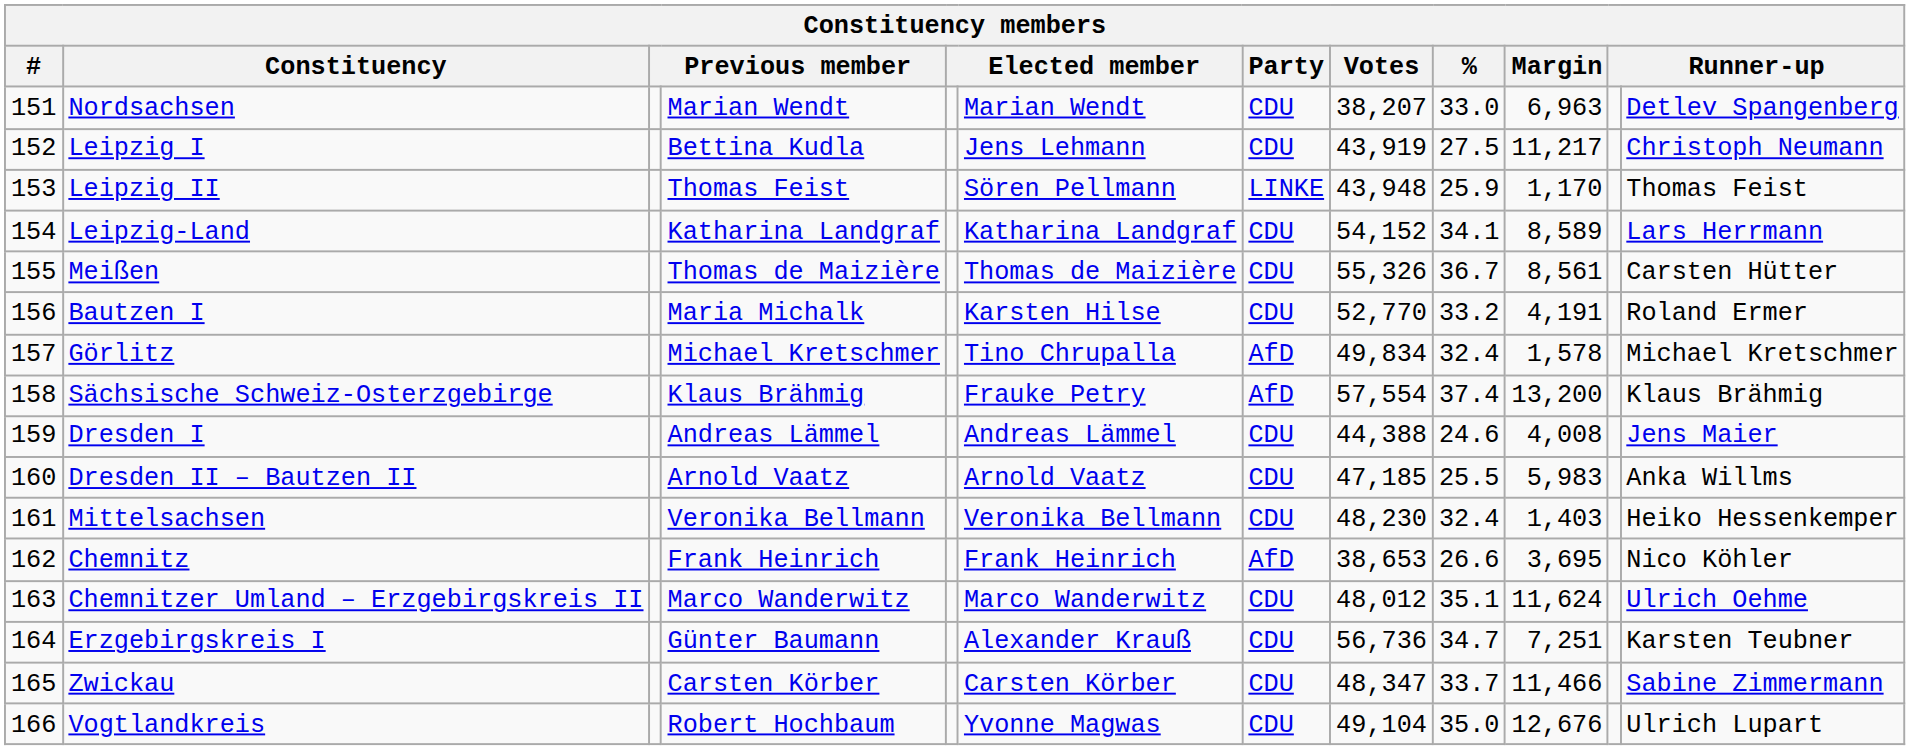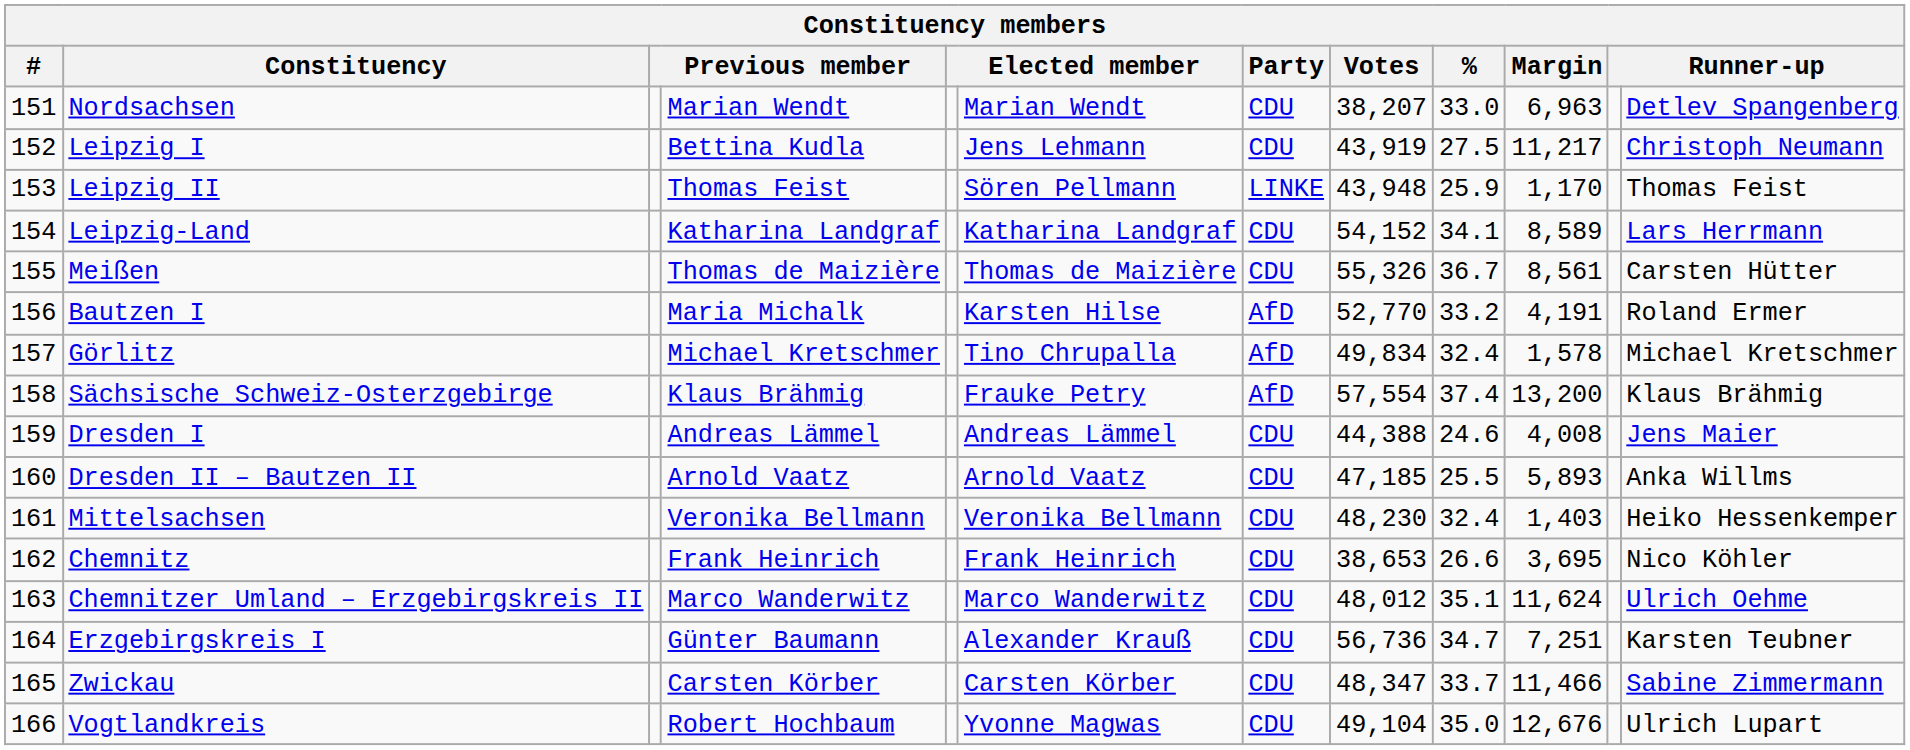 <table class="wikitable sortable" style="text-align:right">
 <tr>
 <th colspan="12">Constituency members</th>
 </tr>
 <tr>
 <th>#</th>
 <th>Constituency</th>
 <th colspan="2">Previous member</th>
 <th colspan="2">Elected member</th>
 <th>Party</th>
 <th>Votes</th>
 <th>%</th>
 <th>Margin</th>
 <th colspan="2">Runner-up</th>
 </tr>
 <tr>
 <td>151</td>
 <td align=left><a href='#'>Nordsachsen</a></td>
 <td bgcolor=></td>
 <td align=left><a href='#'>Marian Wendt</a></td>
 <td bgcolor=></td>
 <td align=left><a href='#'>Marian Wendt</a></td>
 <td align=left><a href='#'>CDU</a></td>
 <td>38,207</td>
 <td>33.0</td>
 <td>6,963</td>
 <td bgcolor=></td>
 <td align=left><a href='#'>Detlev Spangenberg</a></td>
 </tr>
 <tr>
 <td>152</td>
 <td align=left><a href='#'>Leipzig I</a></td>
 <td bgcolor=></td>
 <td align=left><a href='#'>Bettina Kudla</a></td>
 <td bgcolor=></td>
 <td align=left><a href='#'>Jens Lehmann</a></td>
 <td align=left><a href='#'>CDU</a></td>
 <td>43,919</td>
 <td>27.5</td>
 <td>11,217</td>
 <td bgcolor=></td>
 <td align=left><a href='#'>Christoph Neumann</a></td>
 </tr>
 <tr>
 <td>153</td>
 <td align=left><a href='#'>Leipzig II</a></td>
 <td bgcolor=></td>
 <td align=left><a href='#'>Thomas Feist</a></td>
 <td bgcolor=></td>
 <td align=left><a href='#'>Sören Pellmann</a></td>
 <td align=left><a href='#'>LINKE</a></td>
 <td>43,948</td>
 <td>25.9</td>
 <td>1,170</td>
 <td bgcolor=></td>
 <td align=left>Thomas Feist</td>
 </tr>
 <tr>
 <td>154</td>
 <td align=left><a href='#'>Leipzig-Land</a></td>
 <td bgcolor=></td>
 <td align=left><a href='#'>Katharina Landgraf</a></td>
 <td bgcolor=></td>
 <td align=left><a href='#'>Katharina Landgraf</a></td>
 <td align=left><a href='#'>CDU</a></td>
 <td>54,152</td>
 <td>34.1</td>
 <td>8,589</td>
 <td bgcolor=></td>
 <td align=left><a href='#'>Lars Herrmann</a></td>
 </tr>
 <tr>
 <td>155</td>
 <td align=left><a href='#'>Meißen</a></td>
 <td bgcolor=></td>
 <td align=left><a href='#'>Thomas de Maizière</a></td>
 <td bgcolor=></td>
 <td align=left><a href='#'>Thomas de Maizière</a></td>
 <td align=left><a href='#'>CDU</a></td>
 <td>55,326</td>
 <td>36.7</td>
 <td>8,561</td>
 <td bgcolor=></td>
 <td align=left>Carsten Hütter</td>
 </tr>
 <tr>
 <td>156</td>
 <td align=left><a href='#'>Bautzen I</a></td>
 <td bgcolor=></td>
 <td align=left><a href='#'>Maria Michalk</a></td>
 <td bgcolor=></td>
 <td align=left><a href='#'>Karsten Hilse</a></td>
-<td align=left><a href='#'>CDU</a></td>
+<td align=left><a href='#'>AfD</a></td>
 <td>52,770</td>
 <td>33.2</td>
 <td>4,191</td>
 <td bgcolor=></td>
 <td align=left>Roland Ermer</td>
 </tr>
 <tr>
 <td>157</td>
 <td align=left><a href='#'>Görlitz</a></td>
 <td bgcolor=></td>
 <td align=left><a href='#'>Michael Kretschmer</a></td>
 <td bgcolor=></td>
 <td align=left><a href='#'>Tino Chrupalla</a></td>
 <td align=left><a href='#'>AfD</a></td>
 <td>49,834</td>
 <td>32.4</td>
 <td>1,578</td>
 <td bgcolor=></td>
 <td align=left>Michael Kretschmer</td>
 </tr>
 <tr>
 <td>158</td>
 <td align=left><a href='#'>Sächsische Schweiz-Osterzgebirge</a></td>
 <td bgcolor=></td>
 <td align=left><a href='#'>Klaus Brähmig</a></td>
 <td bgcolor=></td>
 <td align=left><a href='#'>Frauke Petry</a></td>
 <td align=left><a href='#'>AfD</a></td>
 <td>57,554</td>
 <td>37.4</td>
 <td>13,200</td>
 <td bgcolor=></td>
 <td align=left>Klaus Brähmig</td>
 </tr>
 <tr>
 <td>159</td>
 <td align=left><a href='#'>Dresden I</a></td>
 <td bgcolor=></td>
 <td align=left><a href='#'>Andreas Lämmel</a></td>
 <td bgcolor=></td>
 <td align=left><a href='#'>Andreas Lämmel</a></td>
 <td align=left><a href='#'>CDU</a></td>
 <td>44,388</td>
 <td>24.6</td>
 <td>4,008</td>
 <td bgcolor=></td>
 <td align=left><a href='#'>Jens Maier</a></td>
 </tr>
 <tr>
 <td>160</td>
 <td align=left><a href='#'>Dresden II – Bautzen II</a></td>
 <td bgcolor=></td>
 <td align=left><a href='#'>Arnold Vaatz</a></td>
 <td bgcolor=></td>
 <td align=left><a href='#'>Arnold Vaatz</a></td>
 <td align=left><a href='#'>CDU</a></td>
 <td>47,185</td>
 <td>25.5</td>
-<td>5,983</td>
+<td>5,893</td>
 <td bgcolor=></td>
 <td align=left>Anka Willms</td>
 </tr>
 <tr>
 <td>161</td>
 <td align=left><a href='#'>Mittelsachsen</a></td>
 <td bgcolor=></td>
 <td align=left><a href='#'>Veronika Bellmann</a></td>
 <td bgcolor=></td>
 <td align=left><a href='#'>Veronika Bellmann</a></td>
 <td align=left><a href='#'>CDU</a></td>
 <td>48,230</td>
 <td>32.4</td>
 <td>1,403</td>
 <td bgcolor=></td>
 <td align=left>Heiko Hessenkemper</td>
 </tr>
 <tr>
 <td>162</td>
 <td align=left><a href='#'>Chemnitz</a></td>
 <td bgcolor=></td>
 <td align=left><a href='#'>Frank Heinrich</a></td>
 <td bgcolor=></td>
 <td align=left><a href='#'>Frank Heinrich</a></td>
-<td align=left><a href='#'>AfD</a></td>
+<td align=left><a href='#'>CDU</a></td>
 <td>38,653</td>
 <td>26.6</td>
 <td>3,695</td>
 <td bgcolor=></td>
 <td align=left>Nico Köhler</td>
 </tr>
 <tr>
 <td>163</td>
 <td align=left><a href='#'>Chemnitzer Umland – Erzgebirgskreis II</a></td>
 <td bgcolor=></td>
 <td align=left><a href='#'>Marco Wanderwitz</a></td>
 <td bgcolor=></td>
 <td align=left><a href='#'>Marco Wanderwitz</a></td>
 <td align=left><a href='#'>CDU</a></td>
 <td>48,012</td>
 <td>35.1</td>
 <td>11,624</td>
 <td bgcolor=></td>
 <td align=left><a href='#'>Ulrich Oehme</a></td>
 </tr>
 <tr>
 <td>164</td>
 <td align=left><a href='#'>Erzgebirgskreis I</a></td>
 <td bgcolor=></td>
 <td align=left><a href='#'>Günter Baumann</a></td>
 <td bgcolor=></td>
 <td align=left><a href='#'>Alexander Krauß</a></td>
 <td align=left><a href='#'>CDU</a></td>
 <td>56,736</td>
 <td>34.7</td>
 <td>7,251</td>
 <td bgcolor=></td>
 <td align=left>Karsten Teubner</td>
 </tr>
 <tr>
 <td>165</td>
 <td align=left><a href='#'>Zwickau</a></td>
 <td bgcolor=></td>
 <td align=left><a href='#'>Carsten Körber</a></td>
 <td bgcolor=></td>
 <td align=left><a href='#'>Carsten Körber</a></td>
 <td align=left><a href='#'>CDU</a></td>
 <td>48,347</td>
 <td>33.7</td>
 <td>11,466</td>
 <td bgcolor=></td>
 <td align=left><a href='#'>Sabine Zimmermann</a></td>
 </tr>
 <tr>
 <td>166</td>
 <td align=left><a href='#'>Vogtlandkreis</a></td>
 <td bgcolor=></td>
 <td align=left><a href='#'>Robert Hochbaum</a></td>
 <td></td>
 <td align=left><a href='#'>Yvonne Magwas</a></td>
 <td align=left><a href='#'>CDU</a></td>
 <td>49,104</td>
 <td>35.0</td>
 <td>12,676</td>
 <td bgcolor=></td>
 <td align=left>Ulrich Lupart</td>
 </tr>
 </table>
